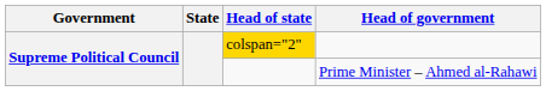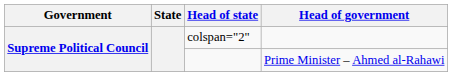 <table class="wikitable plainrowheaders" style="line-height:1.3em; max-width:1200px">
 <tr>
 <th>Government</th>
 <th>State</th>
 <th><a href='#'>Head of state</a></th>
 <th><a href='#'>Head of government</a></th>
 </tr>
 <tr>
 <th scope="row" rowspan="2"> <a href='#'>Supreme Political Council</a></th>
 <th scope="row" rowspan="2"></th>
-<td style="background: gold;">colspan="2" </td>
+<td>colspan="2" </td>
 </tr>
 <tr>
 <td></td>
 <td><a href='#'>Prime Minister</a> – <a href='#'>Ahmed al-Rahawi</a></td>
 </tr>
 </table>
